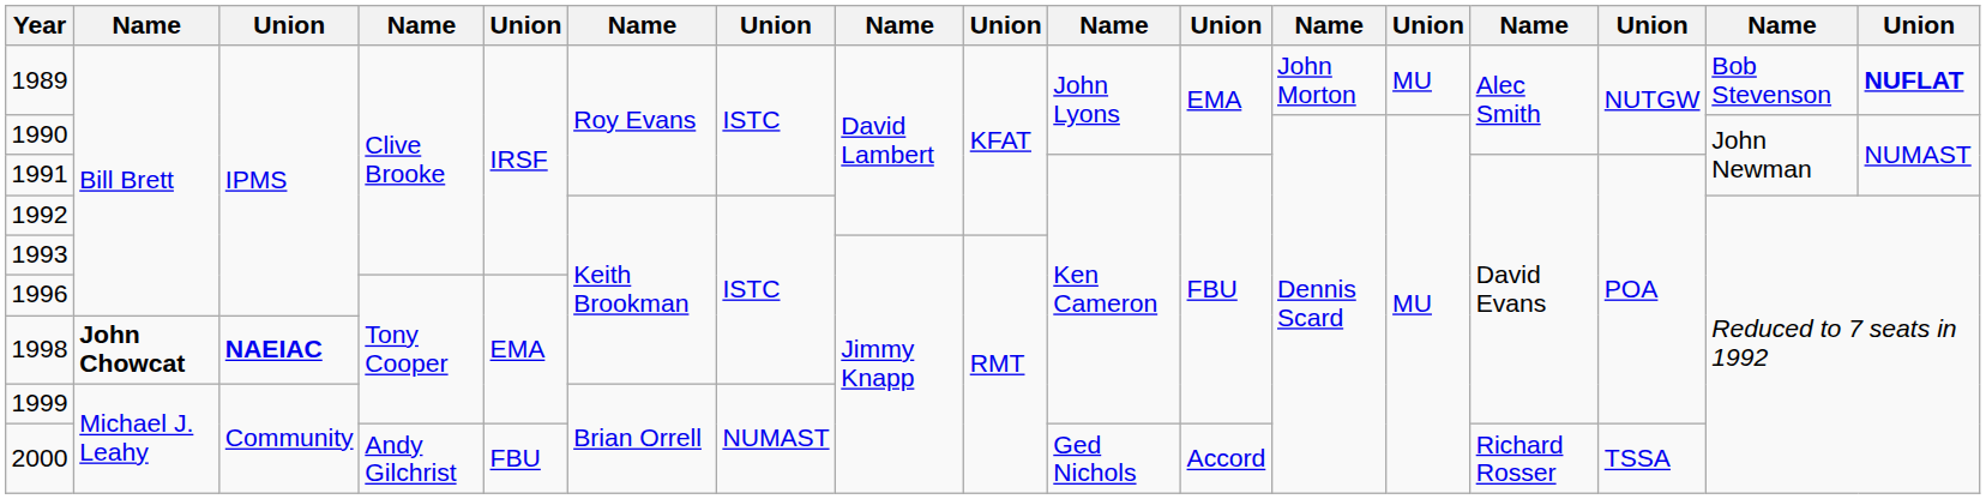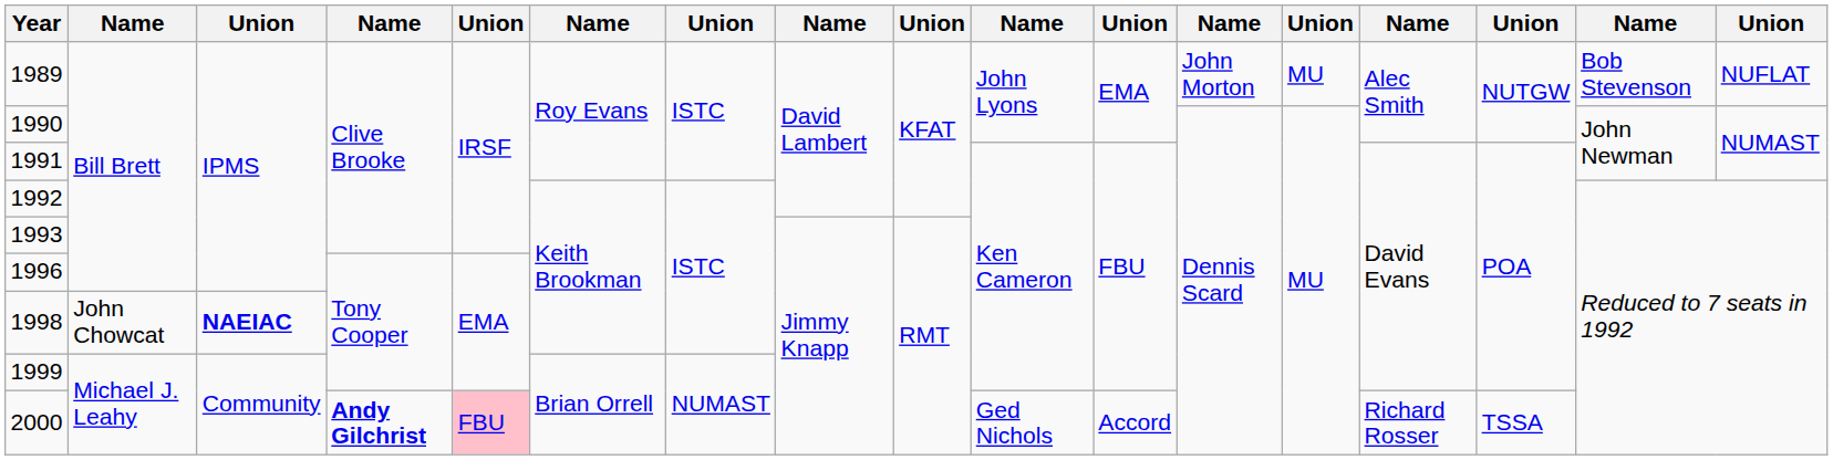 <table class="wikitable">
 <tr>
 <th>Year</th>
 <th>Name</th>
 <th>Union</th>
 <th>Name</th>
 <th>Union</th>
 <th>Name</th>
 <th>Union</th>
 <th>Name</th>
 <th>Union</th>
 <th>Name</th>
 <th>Union</th>
 <th>Name</th>
 <th>Union</th>
 <th>Name</th>
 <th>Union</th>
 <th>Name</th>
 <th>Union</th>
 </tr>
 <tr>
 <td>1989</td>
 <td rowspan=6><a href='#'>Bill Brett</a></td>
 <td rowspan=6><a href='#'>IPMS</a></td>
 <td rowspan=5><a href='#'>Clive Brooke</a></td>
 <td rowspan=5><a href='#'>IRSF</a></td>
 <td rowspan=3><a href='#'>Roy Evans</a></td>
 <td rowspan=3><a href='#'>ISTC</a></td>
 <td rowspan=4><a href='#'>David Lambert</a></td>
 <td rowspan=4><a href='#'>KFAT</a></td>
 <td rowspan=2><a href='#'>John Lyons</a></td>
 <td rowspan=2><a href='#'>EMA</a></td>
 <td><a href='#'>John Morton</a></td>
 <td><a href='#'>MU</a></td>
 <td rowspan=2><a href='#'>Alec Smith</a></td>
 <td rowspan=2><a href='#'>NUTGW</a></td>
 <td><a href='#'>Bob Stevenson</a></td>
-<td><strong><a href='#'>NUFLAT</a></strong></td>
+<td><a href='#'>NUFLAT</a></td>
 </tr>
 <tr>
 <td>1990</td>
 <td rowspan=8><a href='#'>Dennis Scard</a></td>
 <td rowspan=8><a href='#'>MU</a></td>
 <td rowspan=2>John Newman</td>
 <td rowspan=2><a href='#'>NUMAST</a></td>
 </tr>
 <tr>
 <td>1991</td>
 <td rowspan=6><a href='#'>Ken Cameron</a></td>
 <td rowspan=6><a href='#'>FBU</a></td>
 <td rowspan=6>David Evans</td>
 <td rowspan=6><a href='#'>POA</a></td>
 </tr>
 <tr>
 <td>1992</td>
 <td rowspan=4><a href='#'>Keith Brookman</a></td>
 <td rowspan=4><a href='#'>ISTC</a></td>
 <td rowspan=6 colspan=2><em>Reduced to 7 seats in 1992</em></td>
 </tr>
 <tr>
 <td>1993</td>
 <td rowspan=5><a href='#'>Jimmy Knapp</a></td>
 <td rowspan=5><a href='#'>RMT</a></td>
 </tr>
 <tr>
 <td>1996</td>
 <td rowspan=3><a href='#'>Tony Cooper</a></td>
 <td rowspan=3><a href='#'>EMA</a></td>
 </tr>
 <tr>
 <td>1998</td>
-<td><strong>John Chowcat</strong></td>
+<td>John Chowcat</td>
 <td><strong><a href='#'>NAEIAC</a></strong></td>
 </tr>
 <tr>
 <td>1999</td>
 <td rowspan=2><a href='#'>Michael J. Leahy</a></td>
 <td rowspan=2><a href='#'>Community</a></td>
 <td rowspan=2><a href='#'>Brian Orrell</a></td>
 <td rowspan=2><a href='#'>NUMAST</a></td>
 </tr>
 <tr>
 <td>2000</td>
-<td><a href='#'>Andy Gilchrist</a></td>
-<td><a href='#'>FBU</a></td>
+<td><strong><a href='#'>Andy Gilchrist</a></strong></td>
+<td style="background: pink;"><a href='#'>FBU</a></td>
 <td><a href='#'>Ged Nichols</a></td>
 <td><a href='#'>Accord</a></td>
 <td><a href='#'>Richard Rosser</a></td>
 <td><a href='#'>TSSA</a></td>
 </tr>
 </table>
